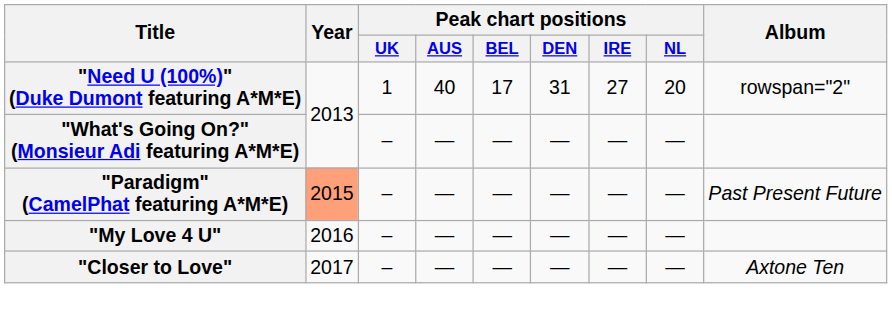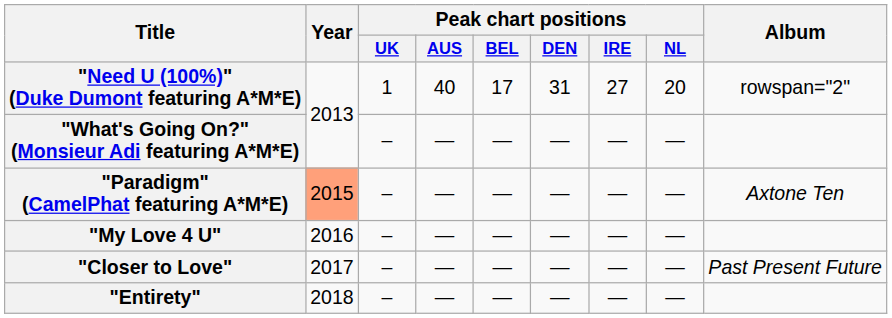 <table class="wikitable plainrowheaders" style="text-align:center;">
 <tr>
 <th scope="col" rowspan="2">Title</th>
 <th scope="col" rowspan="2">Year</th>
 <th scope="col" colspan="6">Peak chart positions</th>
 <th scope="col" rowspan="2">Album</th>
 </tr>
 <tr>
 <th scope="col" style="width:3em;font-size:85%;"><a href='#'>UK</a><br></th>
 <th scope="col" style="width:3em;font-size:85%;"><a href='#'>AUS</a><br></th>
 <th scope="col" style="width:3em;font-size:85%;"><a href='#'>BEL</a><br></th>
 <th scope="col" style="width:3em;font-size:85%;"><a href='#'>DEN</a><br></th>
 <th scope="col" style="width:3em;font-size:85%;"><a href='#'>IRE</a><br></th>
 <th scope="col" style="width:3em;font-size:85%;"><a href='#'>NL</a><br></th>
 </tr>
 <tr>
 <th scope="row">"<a href='#'>Need U (100%)</a>"<br><span>(<a href='#'>Duke Dumont</a> featuring A*M*E)</span></th>
 <td rowspan="2">2013</td>
 <td>1</td>
 <td>40</td>
 <td>17</td>
 <td>31</td>
 <td>27</td>
 <td>20</td>
 <td>rowspan="2" </td>
 </tr>
 <tr>
 <th scope="row">"What's Going On?"<br><span>(<a href='#'>Monsieur Adi</a> featuring A*M*E)</span></th>
 <td>–</td>
 <td>—</td>
 <td>—</td>
 <td>—</td>
 <td>—</td>
 <td>—</td>
 </tr>
 <tr>
 <th scope="row">"Paradigm"<br><span>(<a href='#'>CamelPhat</a> featuring A*M*E)</span></th>
 <td style="background: lightsalmon;">2015</td>
 <td>–</td>
 <td>—</td>
 <td>—</td>
 <td>—</td>
 <td>—</td>
 <td>—</td>
-<td><em>Past Present Future</em></td>
+<td><em>Axtone Ten</em></td>
 </tr>
 <tr>
 <th scope="row">"My Love 4 U"<br></th>
 <td>2016</td>
 <td>–</td>
 <td>—</td>
 <td>—</td>
 <td>—</td>
 <td>—</td>
 <td>—</td>
 <td></td>
 </tr>
 <tr>
 <th scope="row">"Closer to Love"<br></th>
 <td>2017</td>
 <td>–</td>
 <td>—</td>
 <td>—</td>
 <td>—</td>
 <td>—</td>
 <td>—</td>
-<td><em>Axtone Ten</em></td>
+<td><em>Past Present Future</em></td>
+</tr>
+<tr>
+<th scope="row">"Entirety"<br></th>
+<td>2018</td>
+<td>–</td>
+<td>—</td>
+<td>—</td>
+<td>—</td>
+<td>—</td>
+<td>—</td>
+<td></td>
 </tr>
 </table>
